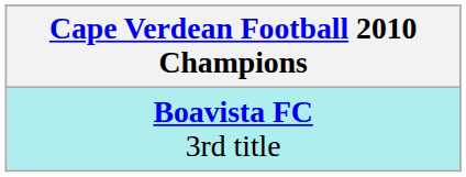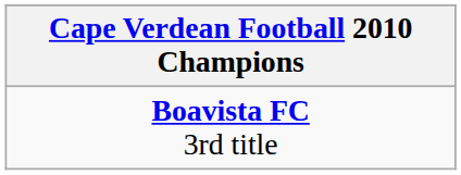 <table class="wikitable" style="margin: 0 auto; width: 240px;">
 <tr>
 <th><a href='#'>Cape Verdean Football</a> 2010<br>Champions</th>
 </tr>
 <tr>
-<td align=center style="background: paleturquoise;"><strong><a href='#'>Boavista FC</a></strong><br>3rd title</td>
+<td align=center><strong><a href='#'>Boavista FC</a></strong><br>3rd title</td>
 </tr>
 </table>
